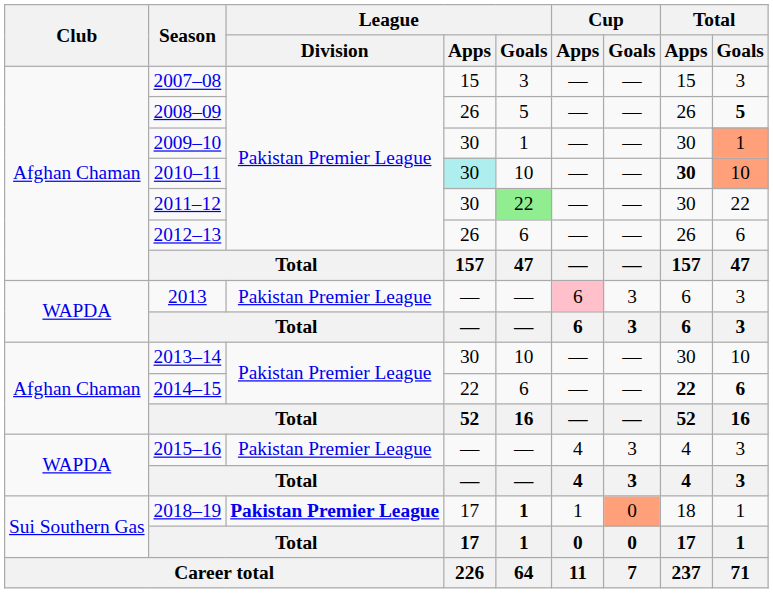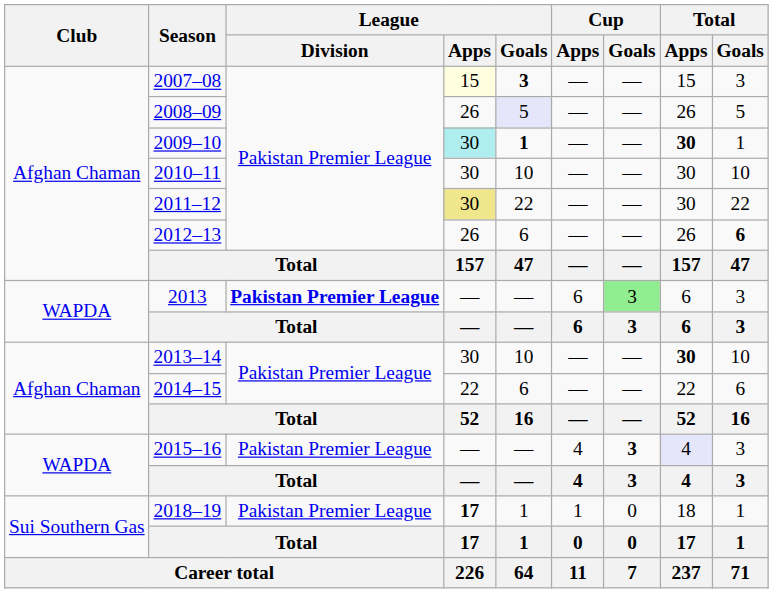 <table class="wikitable" style="text-align: center;">
 <tr>
 <th rowspan="2">Club</th>
 <th rowspan="2">Season</th>
 <th colspan="3">League</th>
 <th colspan="2">Cup</th>
 <th colspan="2">Total</th>
 </tr>
 <tr>
 <th>Division</th>
 <th>Apps</th>
 <th>Goals</th>
 <th>Apps</th>
 <th>Goals</th>
 <th>Apps</th>
 <th>Goals</th>
 </tr>
 <tr>
 <td rowspan="7"><a href='#'>Afghan Chaman</a></td>
 <td><a href='#'>2007–08</a></td>
 <td rowspan="6"><a href='#'>Pakistan Premier League</a></td>
-<td>15</td>
-<td>3</td>
+<td style="background: lightyellow;">15</td>
+<td><strong>3</strong></td>
 <td>—</td>
 <td>—</td>
 <td>15</td>
 <td>3</td>
 </tr>
 <tr>
 <td><a href='#'>2008–09</a></td>
 <td>26</td>
-<td>5</td>
+<td style="background: lavender;">5</td>
 <td>—</td>
 <td>—</td>
 <td>26</td>
-<td><strong>5</strong></td>
+<td>5</td>
 </tr>
 <tr>
 <td><a href='#'>2009–10</a></td>
+<td style="background: paleturquoise;">30</td>
+<td><strong>1</strong></td>
+<td>—</td>
+<td>—</td>
+<td><strong>30</strong></td>
+<td>1</td>
+</tr>
+<tr>
+<td><a href='#'>2010–11</a></td>
 <td>30</td>
-<td>1</td>
+<td>10</td>
 <td>—</td>
 <td>—</td>
 <td>30</td>
-<td style="background: lightsalmon;">1</td>
-</tr>
-<tr>
-<td><a href='#'>2010–11</a></td>
-<td style="background: paleturquoise;">30</td>
 <td>10</td>
-<td>—</td>
-<td>—</td>
-<td><strong>30</strong></td>
-<td style="background: lightsalmon;">10</td>
 </tr>
 <tr>
 <td><a href='#'>2011–12</a></td>
-<td>30</td>
-<td style="background: lightgreen;">22</td>
+<td style="background: khaki;">30</td>
+<td>22</td>
 <td>—</td>
 <td>—</td>
 <td>30</td>
 <td>22</td>
 </tr>
 <tr>
 <td><a href='#'>2012–13</a></td>
 <td>26</td>
 <td>6</td>
 <td>—</td>
 <td>—</td>
 <td>26</td>
-<td>6</td>
+<td><strong>6</strong></td>
 </tr>
 <tr>
 <th colspan="2">Total</th>
 <th>157</th>
 <th>47</th>
 <th>—</th>
 <th>—</th>
 <th>157</th>
 <th>47</th>
 </tr>
 <tr>
 <td rowspan="2"><a href='#'>WAPDA</a></td>
 <td><a href='#'>2013</a></td>
-<td><a href='#'>Pakistan Premier League</a></td>
+<td><strong><a href='#'>Pakistan Premier League</a></strong></td>
 <td>—</td>
 <td>—</td>
-<td style="background: pink;">6</td>
-<td>3</td>
+<td>6</td>
+<td style="background: lightgreen;">3</td>
 <td>6</td>
 <td>3</td>
 </tr>
 <tr>
 <th colspan="2">Total</th>
 <th>—</th>
 <th>—</th>
 <th>6</th>
 <th>3</th>
 <th>6</th>
 <th>3</th>
 </tr>
 <tr>
 <td rowspan="3"><a href='#'>Afghan Chaman</a></td>
 <td><a href='#'>2013–14</a></td>
 <td rowspan="2"><a href='#'>Pakistan Premier League</a></td>
 <td>30</td>
 <td>10</td>
 <td>—</td>
 <td>—</td>
-<td>30</td>
+<td><strong>30</strong></td>
 <td>10</td>
 </tr>
 <tr>
 <td><a href='#'>2014–15</a></td>
 <td>22</td>
 <td>6</td>
 <td>—</td>
 <td>—</td>
-<td><strong>22</strong></td>
-<td><strong>6</strong></td>
+<td>22</td>
+<td>6</td>
 </tr>
 <tr>
 <th colspan="2">Total</th>
 <th>52</th>
 <th>16</th>
 <th>—</th>
 <th>—</th>
 <th>52</th>
 <th>16</th>
 </tr>
 <tr>
 <td rowspan="2"><a href='#'>WAPDA</a></td>
 <td><a href='#'>2015–16</a></td>
 <td><a href='#'>Pakistan Premier League</a></td>
 <td>—</td>
 <td>—</td>
 <td>4</td>
-<td>3</td>
-<td>4</td>
+<td><strong>3</strong></td>
+<td style="background: lavender;">4</td>
 <td>3</td>
 </tr>
 <tr>
 <th colspan="2">Total</th>
 <th>—</th>
 <th>—</th>
 <th>4</th>
 <th>3</th>
 <th>4</th>
 <th>3</th>
 </tr>
 <tr>
 <td rowspan="2"><a href='#'>Sui Southern Gas</a></td>
 <td><a href='#'>2018–19</a></td>
-<td><strong><a href='#'>Pakistan Premier League</a></strong></td>
-<td>17</td>
-<td><strong>1</strong></td>
+<td><a href='#'>Pakistan Premier League</a></td>
+<td><strong>17</strong></td>
 <td>1</td>
-<td style="background: lightsalmon;">0</td>
+<td>1</td>
+<td>0</td>
 <td>18</td>
 <td>1</td>
 </tr>
 <tr>
 <th colspan="2">Total</th>
 <th>17</th>
 <th>1</th>
 <th>0</th>
 <th>0</th>
 <th>17</th>
 <th>1</th>
 </tr>
 <tr>
 <th colspan="3">Career total</th>
 <th>226</th>
 <th>64</th>
 <th>11</th>
 <th>7</th>
 <th>237</th>
 <th>71</th>
 </tr>
 </table>
